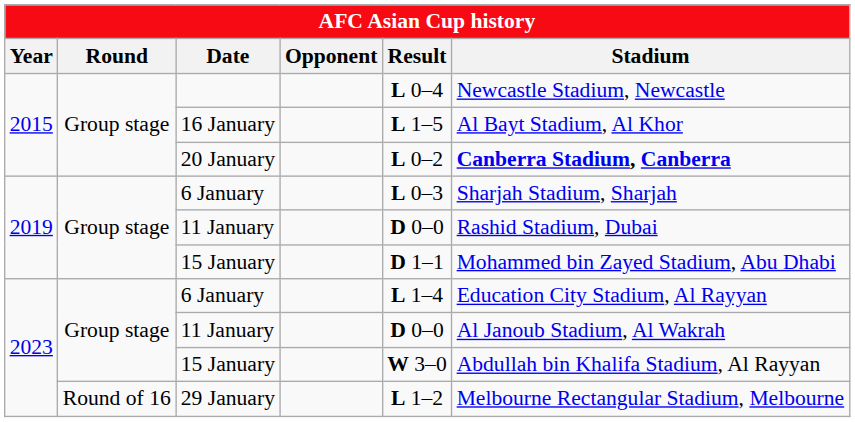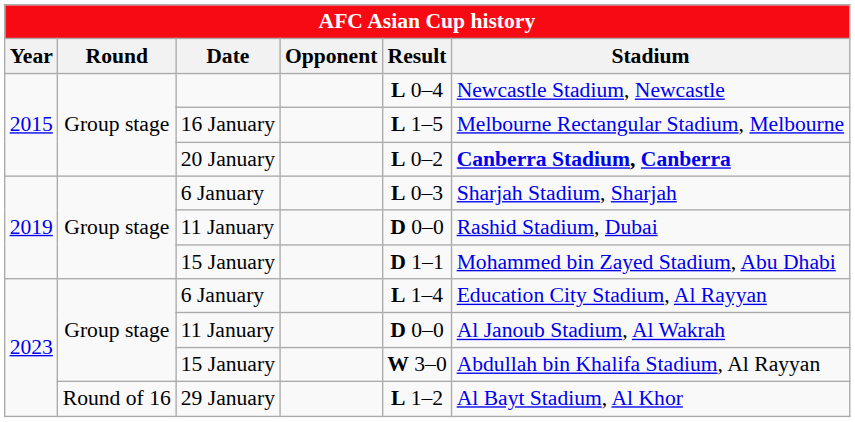 <table class="wikitable collapsible collapsed" style="text-align: center;font-size:100%;">
 <tr>
 <th colspan=6 style="background: #F70A13; color:white;">AFC Asian Cup history</th>
 </tr>
 <tr>
 <th>Year</th>
 <th>Round</th>
 <th>Date</th>
 <th>Opponent</th>
 <th>Result</th>
 <th>Stadium</th>
 </tr>
 <tr>
 <td rowspan=3> <a href='#'>2015</a></td>
 <td rowspan=3>Group stage</td>
 <td align="left"></td>
 <td align="left"></td>
 <td><strong>L</strong> 0–4</td>
 <td align="left"><a href='#'>Newcastle Stadium</a>, <a href='#'>Newcastle</a></td>
 </tr>
 <tr>
 <td align="left">16 January</td>
 <td align="left"></td>
 <td><strong>L</strong> 1–5</td>
-<td align="left"><a href='#'>Al Bayt Stadium</a>, <a href='#'>Al Khor</a></td>
+<td align="left"><a href='#'>Melbourne Rectangular Stadium</a>, <a href='#'>Melbourne</a></td>
 </tr>
 <tr>
 <td align="left">20 January</td>
 <td align="left"></td>
 <td><strong>L</strong> 0–2</td>
 <td align="left"><strong><a href='#'>Canberra Stadium</a>, <a href='#'>Canberra</a></strong></td>
 </tr>
 <tr>
 <td rowspan=3> <a href='#'>2019</a></td>
 <td rowspan=3>Group stage</td>
 <td align="left">6 January</td>
 <td align="left"></td>
 <td><strong>L</strong> 0–3</td>
 <td align="left"><a href='#'>Sharjah Stadium</a>, <a href='#'>Sharjah</a></td>
 </tr>
 <tr>
 <td align="left">11 January</td>
 <td align="left"></td>
 <td><strong>D</strong> 0–0</td>
 <td align="left"><a href='#'>Rashid Stadium</a>, <a href='#'>Dubai</a></td>
 </tr>
 <tr>
 <td align="left">15 January</td>
 <td align="left"></td>
 <td><strong>D</strong> 1–1</td>
 <td align="left"><a href='#'>Mohammed bin Zayed Stadium</a>, <a href='#'>Abu Dhabi</a></td>
 </tr>
 <tr>
 <td rowspan=4> <a href='#'>2023</a></td>
 <td rowspan=3>Group stage</td>
 <td align="left">6 January</td>
 <td align="left"></td>
 <td><strong>L</strong> 1–4</td>
 <td align="left"><a href='#'>Education City Stadium</a>, <a href='#'>Al Rayyan</a></td>
 </tr>
 <tr>
 <td align="left">11 January</td>
 <td align="left"></td>
 <td><strong>D</strong> 0–0</td>
 <td align="left"><a href='#'>Al Janoub Stadium</a>, <a href='#'>Al Wakrah</a></td>
 </tr>
 <tr>
 <td align="left">15 January</td>
 <td align="left"></td>
 <td><strong>W</strong> 3–0</td>
 <td align="left"><a href='#'>Abdullah bin Khalifa Stadium</a>, Al Rayyan</td>
 </tr>
 <tr>
 <td>Round of 16</td>
 <td>29 January</td>
 <td align="left"></td>
 <td><strong>L</strong> 1–2</td>
-<td align="left"><a href='#'>Melbourne Rectangular Stadium</a>, <a href='#'>Melbourne</a></td>
+<td align="left"><a href='#'>Al Bayt Stadium</a>, <a href='#'>Al Khor</a></td>
 </tr>
 </table>
